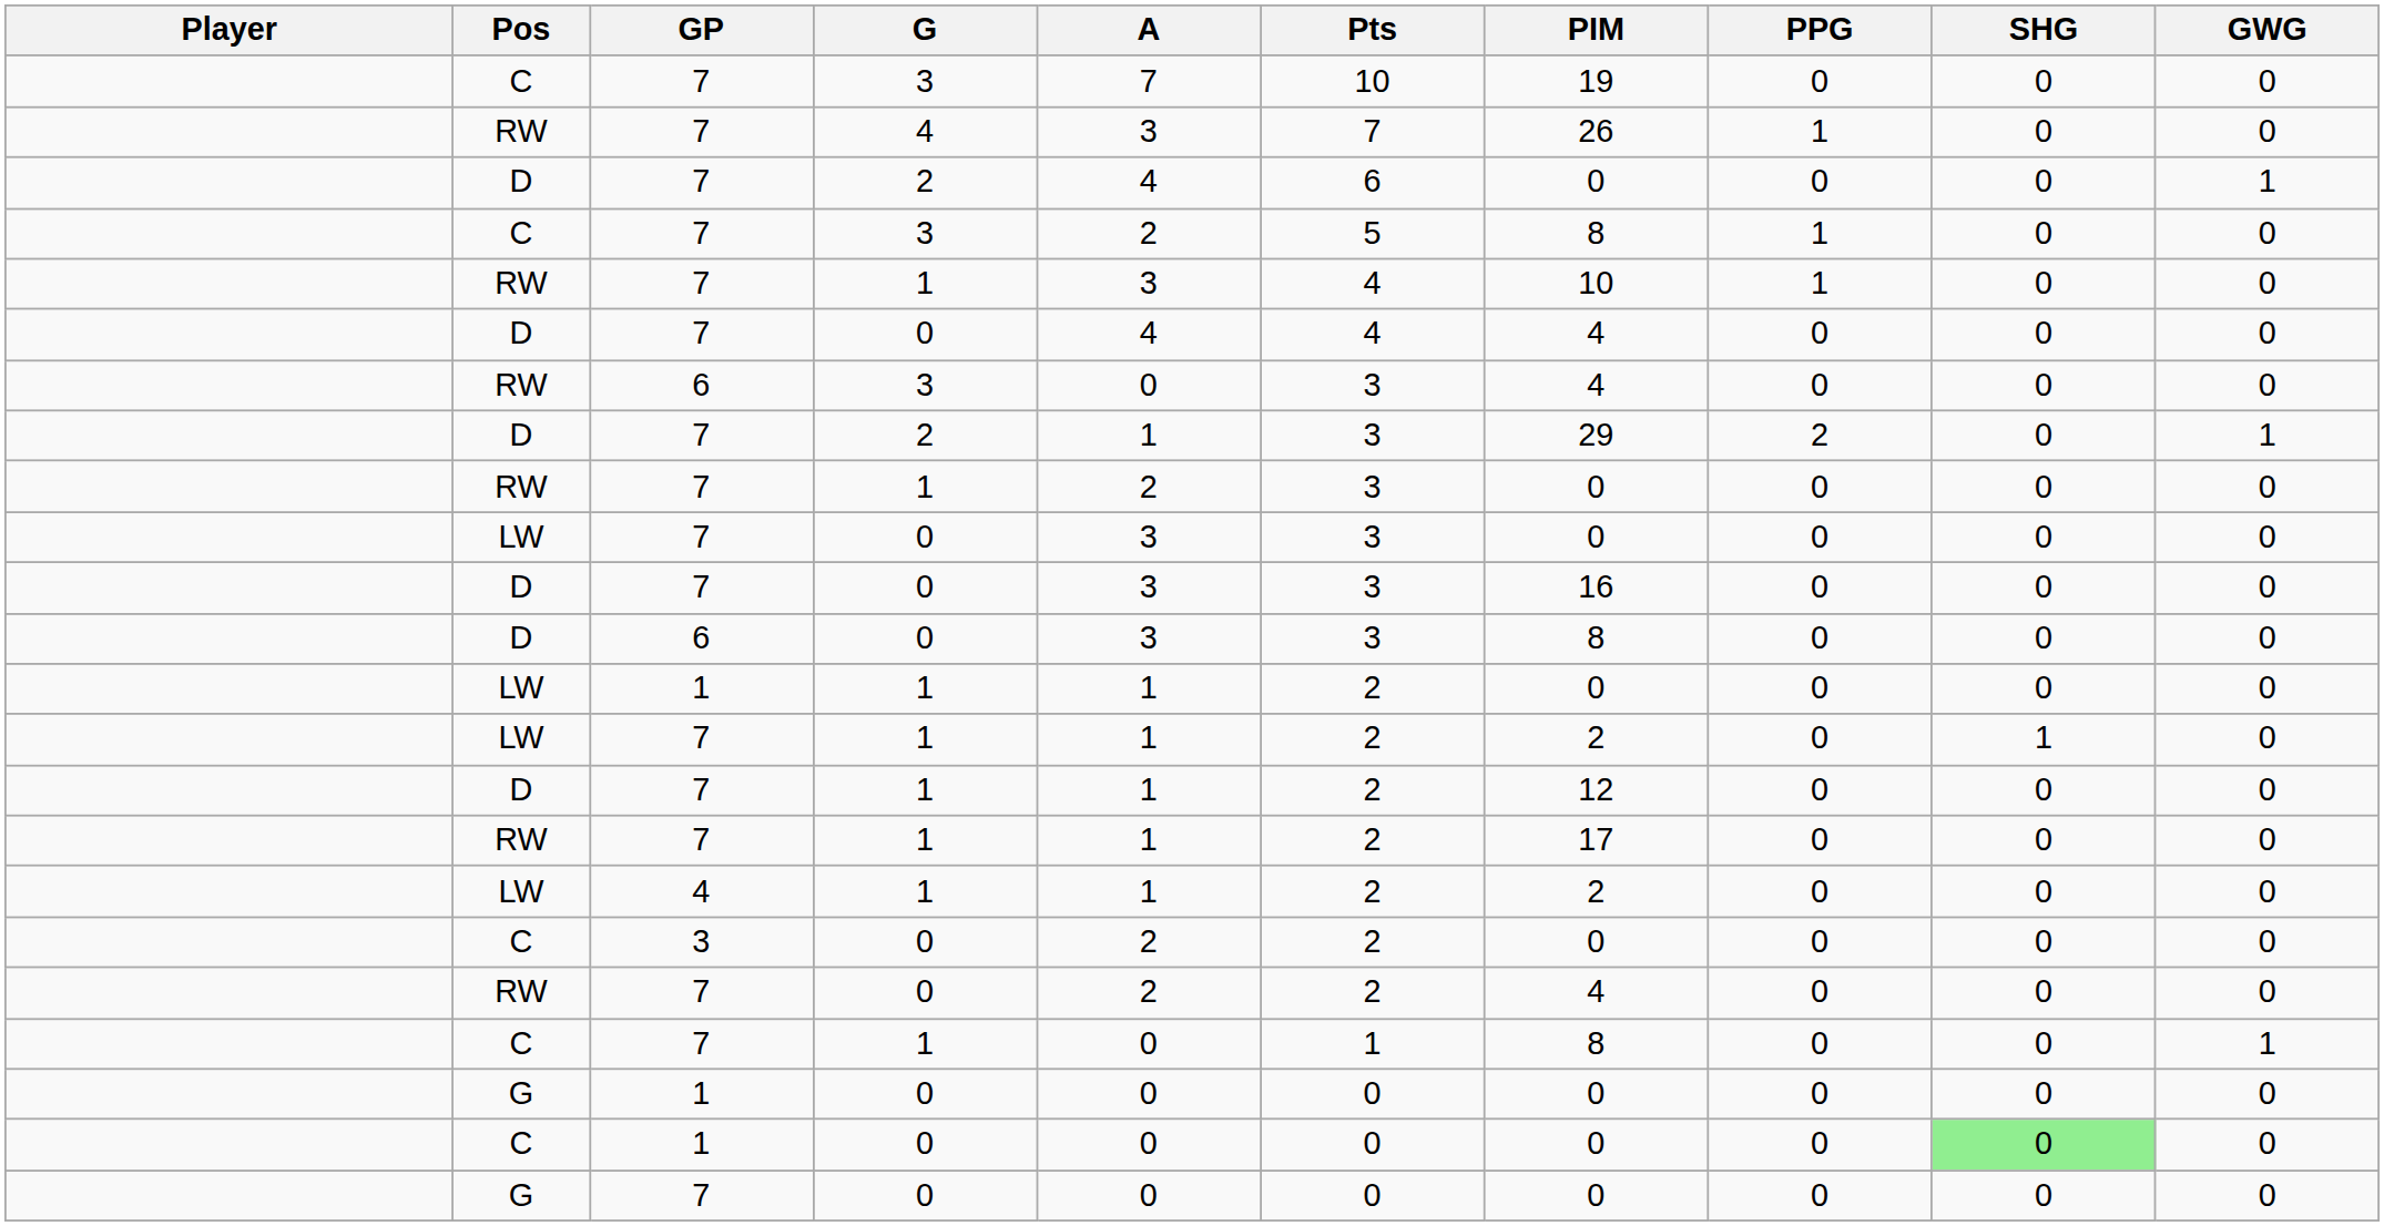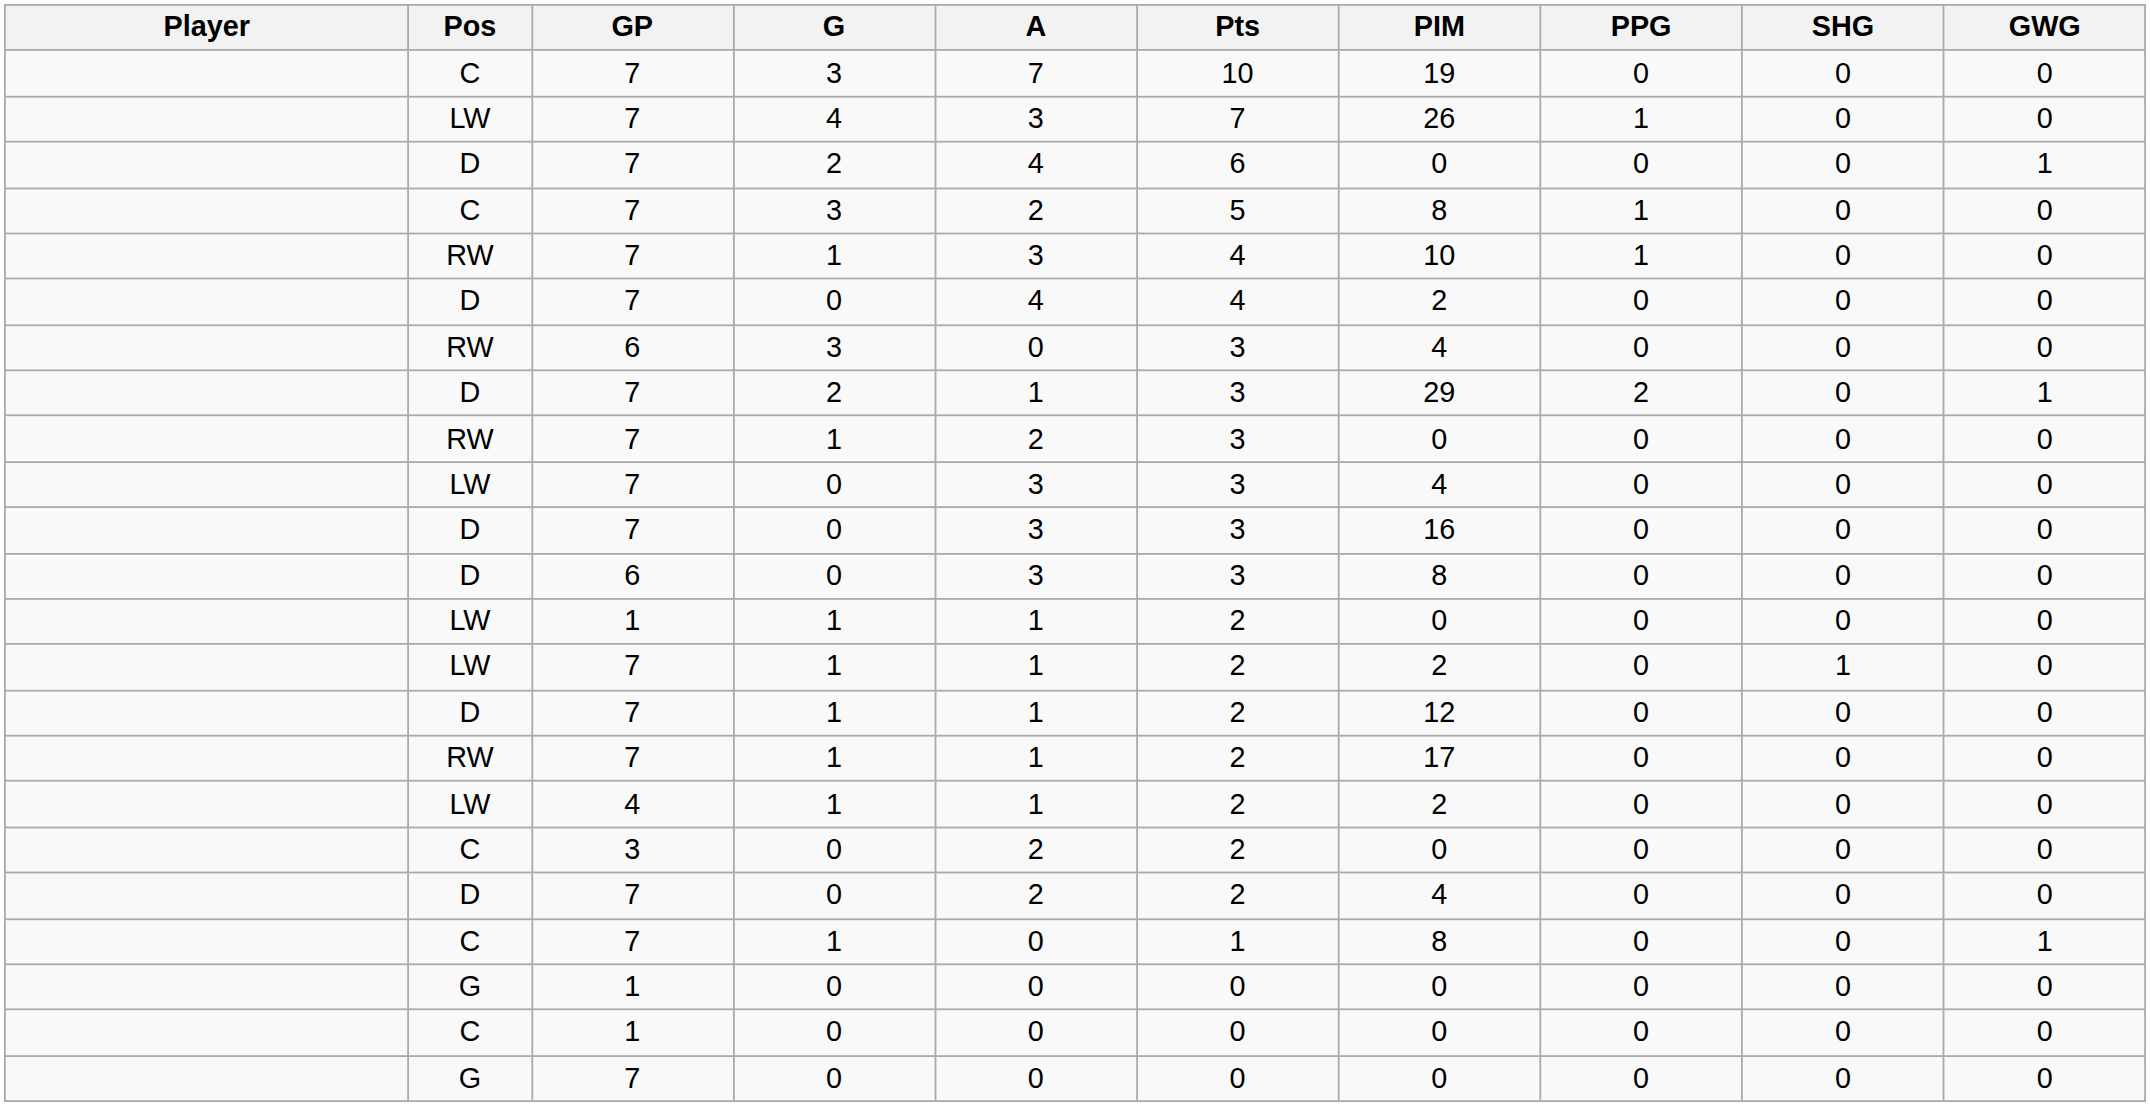 <table class="wikitable sortable" width="60%">
 <tr ALIGN="center">
 <th bgcolor="#DDDDFF" width="10%">Player</th>
 <th bgcolor="#DDDDFF" width="3%" title="Position">Pos</th>
 <th bgcolor="#DDDDFF" width="5%" title="Games played">GP</th>
 <th bgcolor="#DDDDFF" width="5%" title="Goals">G</th>
 <th bgcolor="#DDDDFF" width="5%" title="Assists">A</th>
 <th bgcolor="#DDDDFF" width="5%" title="Points">Pts</th>
 <th bgcolor="#DDDDFF" width="5%" title="Penalties in Minutes">PIM</th>
 <th bgcolor="#DDDDFF" width="5%" title="Power Play Goals">PPG</th>
 <th bgcolor="#DDDDFF" width="5%" title="Short-handed Goals">SHG</th>
 <th bgcolor="#DDDDFF" width="5%" title="Game-winning Goals">GWG</th>
 </tr>
 <tr align="center">
 <td align="right"></td>
 <td>C</td>
 <td>7</td>
 <td>3</td>
 <td>7</td>
 <td>10</td>
 <td>19</td>
 <td>0</td>
 <td>0</td>
 <td>0</td>
 </tr>
 <tr align="center">
 <td align="right"></td>
-<td>RW</td>
+<td>LW</td>
 <td>7</td>
 <td>4</td>
 <td>3</td>
 <td>7</td>
 <td>26</td>
 <td>1</td>
 <td>0</td>
 <td>0</td>
 </tr>
 <tr align="center">
 <td align="right"></td>
 <td>D</td>
 <td>7</td>
 <td>2</td>
 <td>4</td>
 <td>6</td>
 <td>0</td>
 <td>0</td>
 <td>0</td>
 <td>1</td>
 </tr>
 <tr align="center">
 <td align="right"></td>
 <td>C</td>
 <td>7</td>
 <td>3</td>
 <td>2</td>
 <td>5</td>
 <td>8</td>
 <td>1</td>
 <td>0</td>
 <td>0</td>
 </tr>
 <tr align="center">
 <td align="right"></td>
 <td>RW</td>
 <td>7</td>
 <td>1</td>
 <td>3</td>
 <td>4</td>
 <td>10</td>
 <td>1</td>
 <td>0</td>
 <td>0</td>
 </tr>
 <tr align="center">
 <td align="right"></td>
 <td>D</td>
 <td>7</td>
 <td>0</td>
 <td>4</td>
 <td>4</td>
-<td>4</td>
+<td>2</td>
 <td>0</td>
 <td>0</td>
 <td>0</td>
 </tr>
 <tr align="center">
 <td align="right"></td>
 <td>RW</td>
 <td>6</td>
 <td>3</td>
 <td>0</td>
 <td>3</td>
 <td>4</td>
 <td>0</td>
 <td>0</td>
 <td>0</td>
 </tr>
 <tr align="center">
 <td align="right"></td>
 <td>D</td>
 <td>7</td>
 <td>2</td>
 <td>1</td>
 <td>3</td>
 <td>29</td>
 <td>2</td>
 <td>0</td>
 <td>1</td>
 </tr>
 <tr align="center">
 <td align="right"></td>
 <td>RW</td>
 <td>7</td>
 <td>1</td>
 <td>2</td>
 <td>3</td>
 <td>0</td>
 <td>0</td>
 <td>0</td>
 <td>0</td>
 </tr>
 <tr align="center">
 <td align="right"></td>
 <td>LW</td>
 <td>7</td>
 <td>0</td>
 <td>3</td>
 <td>3</td>
-<td>0</td>
+<td>4</td>
 <td>0</td>
 <td>0</td>
 <td>0</td>
 </tr>
 <tr align="center">
 <td align="right"></td>
 <td>D</td>
 <td>7</td>
 <td>0</td>
 <td>3</td>
 <td>3</td>
 <td>16</td>
 <td>0</td>
 <td>0</td>
 <td>0</td>
 </tr>
 <tr align="center">
 <td align="right"></td>
 <td>D</td>
 <td>6</td>
 <td>0</td>
 <td>3</td>
 <td>3</td>
 <td>8</td>
 <td>0</td>
 <td>0</td>
 <td>0</td>
 </tr>
 <tr align="center">
 <td align="right"></td>
 <td>LW</td>
 <td>1</td>
 <td>1</td>
 <td>1</td>
 <td>2</td>
 <td>0</td>
 <td>0</td>
 <td>0</td>
 <td>0</td>
 </tr>
 <tr align="center">
 <td align="right"></td>
 <td>LW</td>
 <td>7</td>
 <td>1</td>
 <td>1</td>
 <td>2</td>
 <td>2</td>
 <td>0</td>
 <td>1</td>
 <td>0</td>
 </tr>
 <tr align="center">
 <td align="right"></td>
 <td>D</td>
 <td>7</td>
 <td>1</td>
 <td>1</td>
 <td>2</td>
 <td>12</td>
 <td>0</td>
 <td>0</td>
 <td>0</td>
 </tr>
 <tr align="center">
 <td align="right"></td>
 <td>RW</td>
 <td>7</td>
 <td>1</td>
 <td>1</td>
 <td>2</td>
 <td>17</td>
 <td>0</td>
 <td>0</td>
 <td>0</td>
 </tr>
 <tr align="center">
 <td align="right"></td>
 <td>LW</td>
 <td>4</td>
 <td>1</td>
 <td>1</td>
 <td>2</td>
 <td>2</td>
 <td>0</td>
 <td>0</td>
 <td>0</td>
 </tr>
 <tr align="center">
 <td align="right"></td>
 <td>C</td>
 <td>3</td>
 <td>0</td>
 <td>2</td>
 <td>2</td>
 <td>0</td>
 <td>0</td>
 <td>0</td>
 <td>0</td>
 </tr>
 <tr align="center">
 <td align="right"></td>
-<td>RW</td>
+<td>D</td>
 <td>7</td>
 <td>0</td>
 <td>2</td>
 <td>2</td>
 <td>4</td>
 <td>0</td>
 <td>0</td>
 <td>0</td>
 </tr>
 <tr align="center">
 <td align="right"></td>
 <td>C</td>
 <td>7</td>
 <td>1</td>
 <td>0</td>
 <td>1</td>
 <td>8</td>
 <td>0</td>
 <td>0</td>
 <td>1</td>
 </tr>
 <tr align="center">
 <td align="right"></td>
 <td>G</td>
 <td>1</td>
 <td>0</td>
 <td>0</td>
 <td>0</td>
 <td>0</td>
 <td>0</td>
 <td>0</td>
 <td>0</td>
 </tr>
 <tr align="center">
 <td align="right"></td>
 <td>C</td>
 <td>1</td>
 <td>0</td>
 <td>0</td>
 <td>0</td>
 <td>0</td>
 <td>0</td>
-<td style="background: lightgreen;">0</td>
+<td>0</td>
 <td>0</td>
 </tr>
 <tr align="center">
 <td align="right"></td>
 <td>G</td>
 <td>7</td>
 <td>0</td>
 <td>0</td>
 <td>0</td>
 <td>0</td>
 <td>0</td>
 <td>0</td>
 <td>0</td>
 </tr>
 </table>
